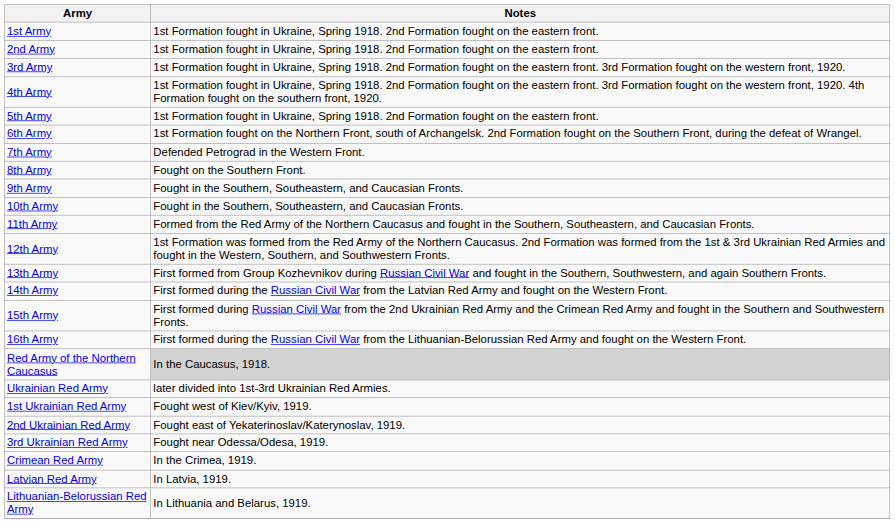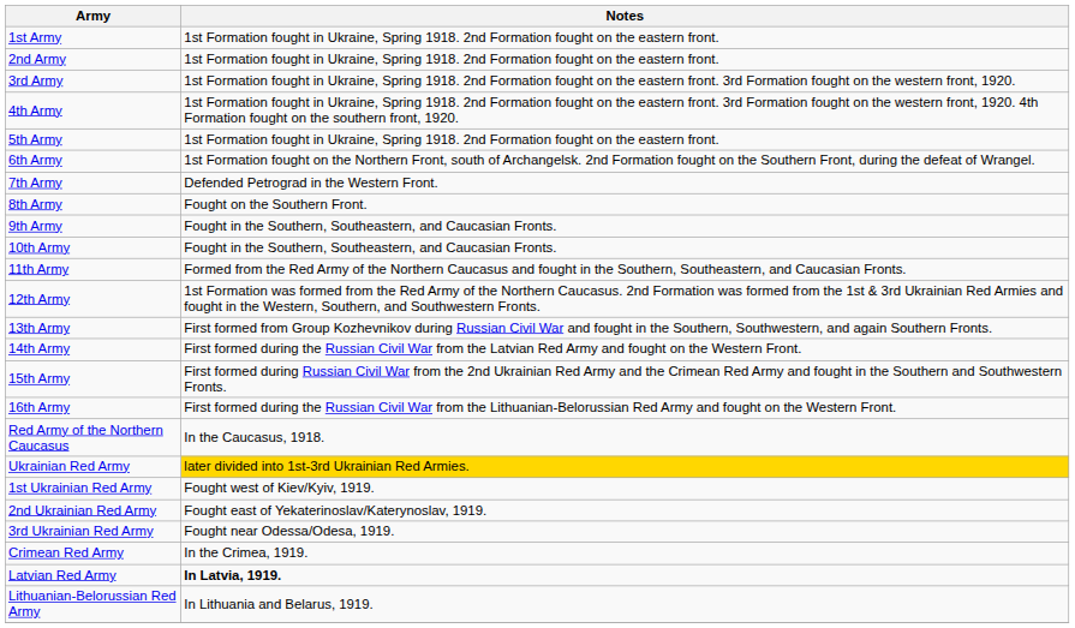 <table class="wikitable">
 <tr>
 <th>Army</th>
 <th>Notes</th>
 </tr>
 <tr>
 <td><a href='#'>1st Army</a></td>
 <td>1st Formation fought in Ukraine, Spring 1918. 2nd Formation fought on the eastern front.</td>
 </tr>
 <tr>
 <td><a href='#'>2nd Army</a></td>
 <td>1st Formation fought in Ukraine, Spring 1918. 2nd Formation fought on the eastern front.</td>
 </tr>
 <tr>
 <td><a href='#'>3rd Army</a></td>
 <td>1st Formation fought in Ukraine, Spring 1918. 2nd Formation fought on the eastern front. 3rd Formation fought on the western front, 1920.</td>
 </tr>
 <tr>
 <td><a href='#'>4th Army</a></td>
 <td>1st Formation fought in Ukraine, Spring 1918. 2nd Formation fought on the eastern front. 3rd Formation fought on the western front, 1920. 4th Formation fought on the southern front, 1920.</td>
 </tr>
 <tr>
 <td><a href='#'>5th Army</a></td>
 <td>1st Formation fought in Ukraine, Spring 1918. 2nd Formation fought on the eastern front.</td>
 </tr>
 <tr>
 <td><a href='#'>6th Army</a></td>
 <td>1st Formation fought on the Northern Front, south of Archangelsk. 2nd Formation fought on the Southern Front, during the defeat of Wrangel.</td>
 </tr>
 <tr>
 <td><a href='#'>7th Army</a></td>
 <td>Defended Petrograd in the Western Front.</td>
 </tr>
 <tr>
 <td><a href='#'>8th Army</a></td>
 <td>Fought on the Southern Front.</td>
 </tr>
 <tr>
 <td><a href='#'>9th Army</a></td>
 <td>Fought in the Southern, Southeastern, and Caucasian Fronts.</td>
 </tr>
 <tr>
 <td><a href='#'>10th Army</a></td>
 <td>Fought in the Southern, Southeastern, and Caucasian Fronts.</td>
 </tr>
 <tr>
 <td><a href='#'>11th Army</a></td>
 <td>Formed from the Red Army of the Northern Caucasus and fought in the Southern, Southeastern, and Caucasian Fronts.</td>
 </tr>
 <tr>
 <td><a href='#'>12th Army</a></td>
 <td>1st Formation was formed from the Red Army of the Northern Caucasus. 2nd Formation was formed from the 1st & 3rd Ukrainian Red Armies and fought in the Western, Southern, and Southwestern Fronts.</td>
 </tr>
 <tr>
 <td><a href='#'>13th Army</a></td>
 <td>First formed from Group Kozhevnikov during <a href='#'>Russian Civil War</a> and fought in the Southern, Southwestern, and again Southern Fronts.</td>
 </tr>
 <tr>
 <td><a href='#'>14th Army</a></td>
 <td>First formed during the <a href='#'>Russian Civil War</a> from the Latvian Red Army and fought on the Western Front.</td>
 </tr>
 <tr>
 <td><a href='#'>15th Army</a></td>
 <td>First formed during <a href='#'>Russian Civil War</a> from the 2nd Ukrainian Red Army and the Crimean Red Army and fought in the Southern and Southwestern Fronts.</td>
 </tr>
 <tr>
 <td><a href='#'>16th Army</a></td>
 <td>First formed during the <a href='#'>Russian Civil War</a> from the Lithuanian-Belorussian Red Army and fought on the Western Front.</td>
 </tr>
 <tr>
 <td><a href='#'>Red Army of the Northern Caucasus</a></td>
-<td style="background: lightgrey;">In the Caucasus, 1918.</td>
+<td>In the Caucasus, 1918.</td>
 </tr>
 <tr>
 <td><a href='#'>Ukrainian Red Army</a></td>
-<td>later divided into 1st-3rd Ukrainian Red Armies.</td>
+<td style="background: gold;">later divided into 1st-3rd Ukrainian Red Armies.</td>
 </tr>
 <tr>
 <td><a href='#'>1st Ukrainian Red Army</a></td>
 <td>Fought west of Kiev/Kyiv, 1919.</td>
 </tr>
 <tr>
 <td><a href='#'>2nd Ukrainian Red Army</a></td>
 <td>Fought east of Yekaterinoslav/Katerynoslav, 1919.</td>
 </tr>
 <tr>
 <td><a href='#'>3rd Ukrainian Red Army</a></td>
 <td>Fought near Odessa/Odesa, 1919.</td>
 </tr>
 <tr>
 <td><a href='#'>Crimean Red Army</a></td>
 <td>In the Crimea, 1919.</td>
 </tr>
 <tr>
 <td><a href='#'>Latvian Red Army</a></td>
-<td>In Latvia, 1919.</td>
+<td><strong>In Latvia, 1919.</strong></td>
 </tr>
 <tr>
 <td><a href='#'>Lithuanian-Belorussian Red Army</a></td>
 <td>In Lithuania and Belarus, 1919.</td>
 </tr>
 <tr>
 </tr>
 </table>
